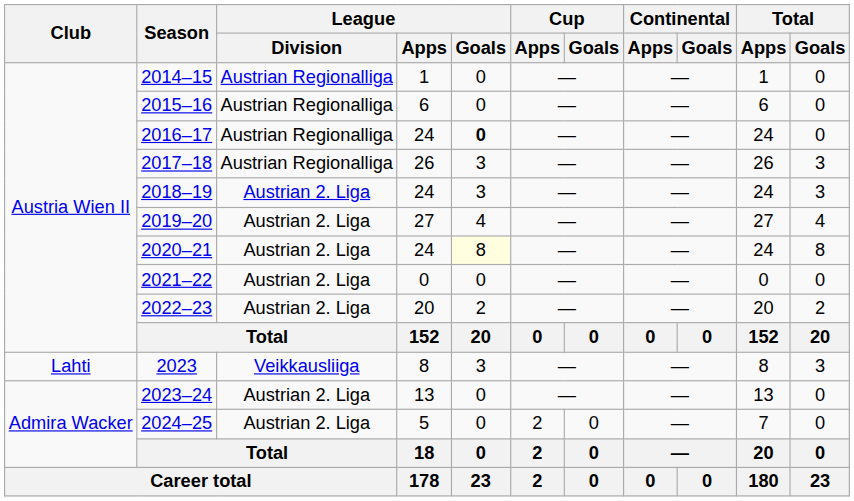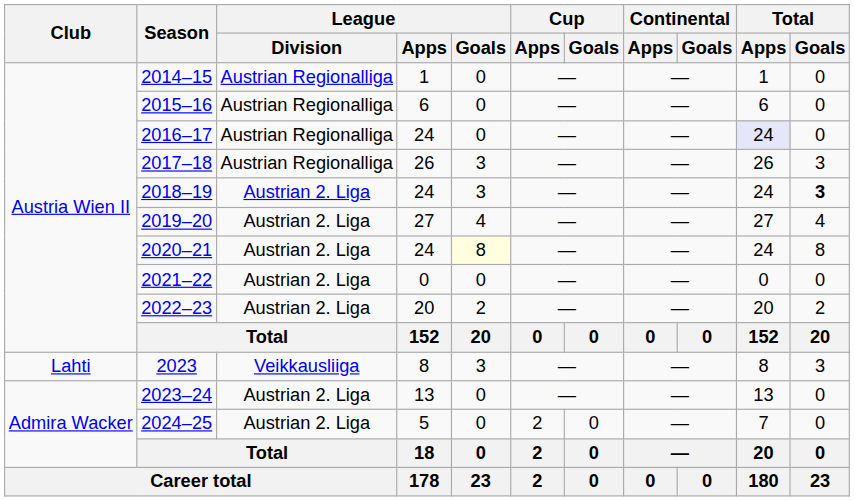 <table class="wikitable" Style="text-align: center">
 <tr>
 <th rowspan="2">Club</th>
 <th rowspan="2">Season</th>
 <th colspan="3">League</th>
 <th colspan="2">Cup</th>
 <th colspan="2">Continental</th>
 <th colspan="2">Total</th>
 </tr>
 <tr>
 <th>Division</th>
 <th>Apps</th>
 <th>Goals</th>
 <th>Apps</th>
 <th>Goals</th>
 <th>Apps</th>
 <th>Goals</th>
 <th>Apps</th>
 <th>Goals</th>
 </tr>
 <tr>
 <td rowspan="10"><a href='#'>Austria Wien II</a></td>
 <td><a href='#'>2014–15</a></td>
 <td><a href='#'>Austrian Regionalliga</a></td>
 <td>1</td>
 <td>0</td>
 <td colspan="2">—</td>
 <td colspan="2">—</td>
 <td>1</td>
 <td>0</td>
 </tr>
 <tr>
 <td><a href='#'>2015–16</a></td>
 <td>Austrian Regionalliga</td>
 <td>6</td>
 <td>0</td>
 <td colspan="2">—</td>
 <td colspan="2">—</td>
 <td>6</td>
 <td>0</td>
 </tr>
 <tr>
 <td><a href='#'>2016–17</a></td>
 <td>Austrian Regionalliga</td>
 <td>24</td>
-<td><strong>0</strong></td>
+<td>0</td>
 <td colspan="2">—</td>
 <td colspan="2">—</td>
-<td>24</td>
+<td style="background: lavender;">24</td>
 <td>0</td>
 </tr>
 <tr>
 <td><a href='#'>2017–18</a></td>
 <td>Austrian Regionalliga</td>
 <td>26</td>
 <td>3</td>
 <td colspan="2">—</td>
 <td colspan="2">—</td>
 <td>26</td>
 <td>3</td>
 </tr>
 <tr>
 <td><a href='#'>2018–19</a></td>
 <td><a href='#'>Austrian 2. Liga</a></td>
 <td>24</td>
 <td>3</td>
 <td colspan="2">—</td>
 <td colspan="2">—</td>
 <td>24</td>
-<td>3</td>
+<td><strong>3</strong></td>
 </tr>
 <tr>
 <td><a href='#'>2019–20</a></td>
 <td>Austrian 2. Liga</td>
 <td>27</td>
 <td>4</td>
 <td colspan="2">—</td>
 <td colspan="2">—</td>
 <td>27</td>
 <td>4</td>
 </tr>
 <tr>
 <td><a href='#'>2020–21</a></td>
 <td>Austrian 2. Liga</td>
 <td>24</td>
 <td style="background: lightyellow;">8</td>
 <td colspan="2">—</td>
 <td colspan="2">—</td>
 <td>24</td>
 <td>8</td>
 </tr>
 <tr>
 <td><a href='#'>2021–22</a></td>
 <td>Austrian 2. Liga</td>
 <td>0</td>
 <td>0</td>
 <td colspan="2">—</td>
 <td colspan="2">—</td>
 <td>0</td>
 <td>0</td>
 </tr>
 <tr>
 <td><a href='#'>2022–23</a></td>
 <td>Austrian 2. Liga</td>
 <td>20</td>
 <td>2</td>
 <td colspan="2">—</td>
 <td colspan="2">—</td>
 <td>20</td>
 <td>2</td>
 </tr>
 <tr>
 <th colspan="2">Total</th>
 <th>152</th>
 <th>20</th>
 <th>0</th>
 <th>0</th>
 <th>0</th>
 <th>0</th>
 <th>152</th>
 <th>20</th>
 </tr>
 <tr>
 <td><a href='#'>Lahti</a></td>
 <td><a href='#'>2023</a></td>
 <td><a href='#'>Veikkausliiga</a></td>
 <td>8</td>
 <td>3</td>
 <td colspan="2">—</td>
 <td colspan="2">—</td>
 <td>8</td>
 <td>3</td>
 </tr>
 <tr>
 <td rowspan="3"><a href='#'>Admira Wacker</a></td>
 <td><a href='#'>2023–24</a></td>
 <td>Austrian 2. Liga</td>
 <td>13</td>
 <td>0</td>
 <td colspan="2">—</td>
 <td colspan="2">—</td>
 <td>13</td>
 <td>0</td>
 </tr>
 <tr>
 <td><a href='#'>2024–25</a></td>
 <td>Austrian 2. Liga</td>
 <td>5</td>
 <td>0</td>
 <td>2</td>
 <td>0</td>
 <td colspan="2">—</td>
 <td>7</td>
 <td>0</td>
 </tr>
 <tr>
 <th colspan="2">Total</th>
 <th>18</th>
 <th>0</th>
 <th>2</th>
 <th>0</th>
 <th colspan="2">—</th>
 <th>20</th>
 <th>0</th>
 </tr>
 <tr>
 <th colspan="3">Career total</th>
 <th>178</th>
 <th>23</th>
 <th>2</th>
 <th>0</th>
 <th>0</th>
 <th>0</th>
 <th>180</th>
 <th>23</th>
 </tr>
 </table>
